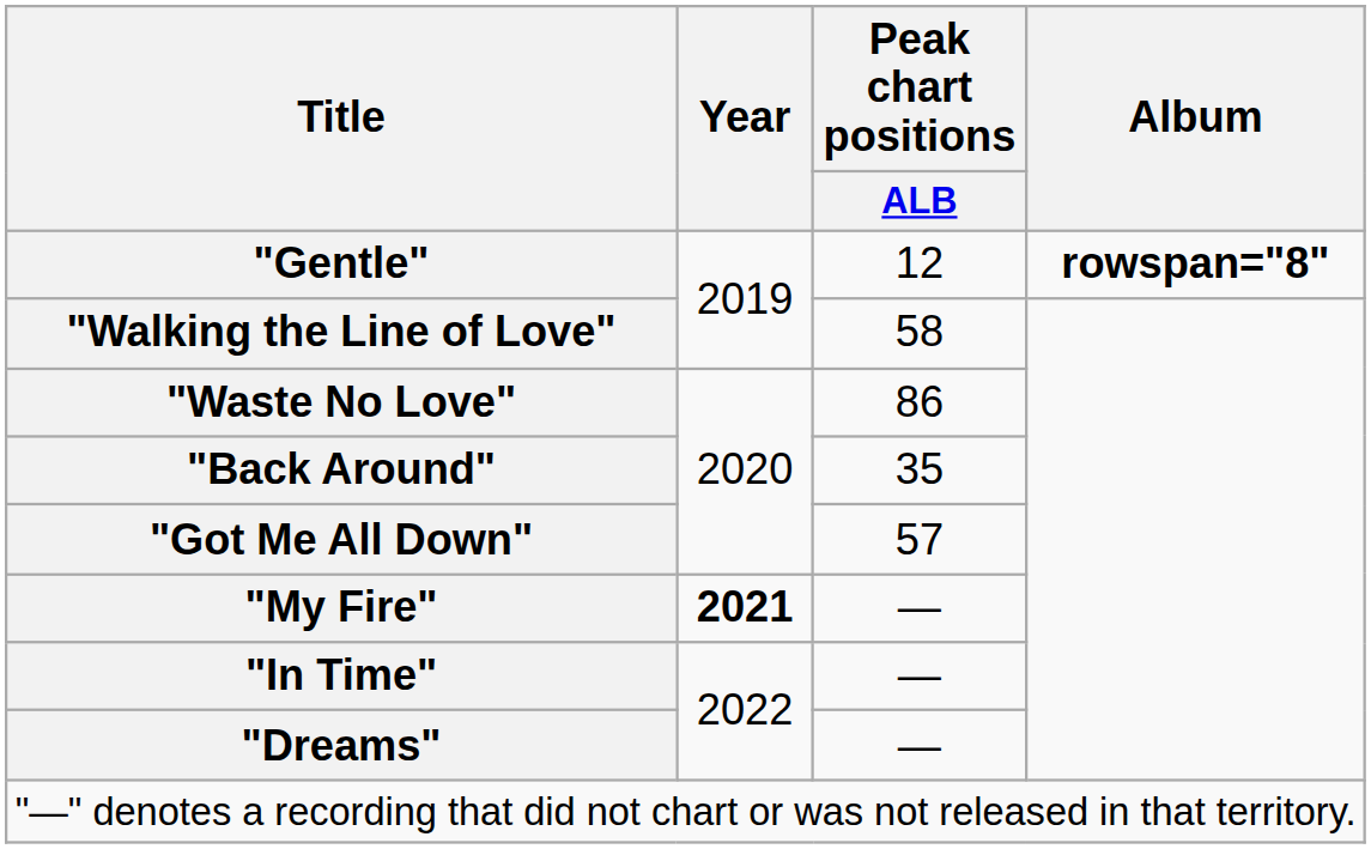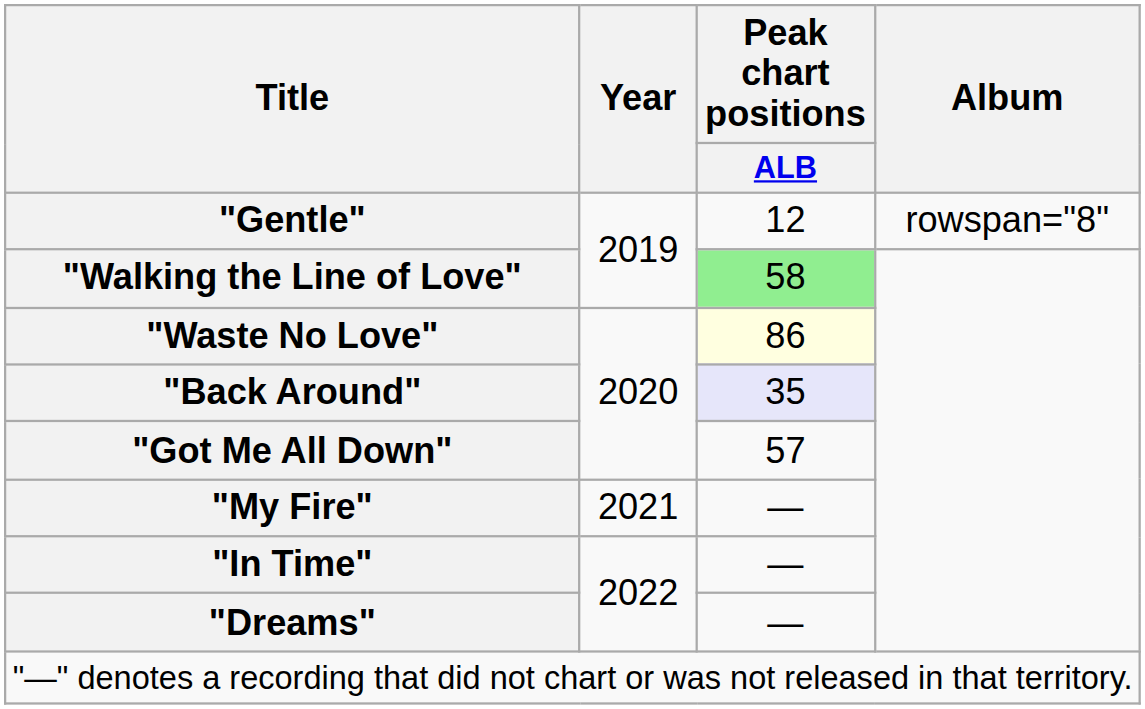 <table class="wikitable plainrowheaders" style="text-align:center;">
 <tr>
 <th scope="col" rowspan="2">Title</th>
 <th scope="col" rowspan="2">Year</th>
 <th scope="col" colspan="1">Peak<br>chart<br>positions</th>
 <th scope="col" rowspan="2">Album</th>
 </tr>
 <tr>
 <th scope="col" style="width:3em;font-size:85%;"><a href='#'>ALB</a><br></th>
 </tr>
 <tr>
 <th scope="row">"Gentle"</th>
 <td rowspan="2">2019</td>
 <td>12</td>
-<td><strong>rowspan="8" </strong></td>
+<td>rowspan="8" </td>
 </tr>
 <tr>
 <th scope="row">"Walking the Line of Love"</th>
-<td>58</td>
+<td style="background: lightgreen;">58</td>
 </tr>
 <tr>
 <th scope="row">"Waste No Love"</th>
 <td rowspan="3">2020</td>
-<td>86</td>
+<td style="background: lightyellow;">86</td>
 </tr>
 <tr>
 <th scope="row">"Back Around"</th>
-<td>35</td>
+<td style="background: lavender;">35</td>
 </tr>
 <tr>
 <th scope="row">"Got Me All Down"</th>
 <td>57</td>
 </tr>
 <tr>
 <th scope="row">"My Fire"</th>
-<td rowspan="1"><strong>2021</strong></td>
+<td rowspan="1">2021</td>
 <td>—</td>
 </tr>
 <tr>
 <th scope="row">"In Time"</th>
 <td rowspan="2">2022</td>
 <td>—</td>
 </tr>
 <tr>
 <th scope="row">"Dreams"</th>
 <td>—</td>
 </tr>
 <tr>
 <td colspan="11" style="font-size:90%">"—" denotes a recording that did not chart or was not released in that territory.</td>
 </tr>
 </table>
